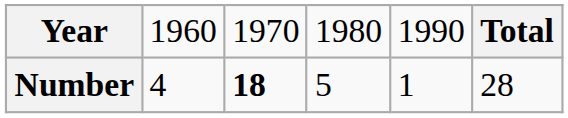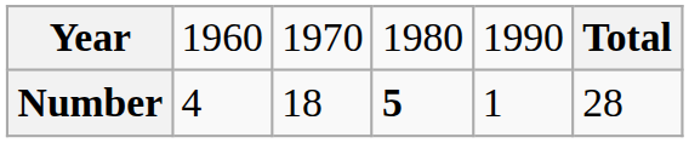 <table class="wikitable" style="margin:1em auto;">
 <tr>
 <th>Year</th>
 <td>1960</td>
 <td>1970</td>
 <td>1980</td>
 <td>1990</td>
 <th>Total</th>
 </tr>
 <tr>
 <th>Number</th>
 <td>4</td>
-<td><strong>18</strong></td>
-<td>5</td>
+<td>18</td>
+<td><strong>5</strong></td>
 <td>1</td>
 <td>28</td>
 </tr>
 </table>
